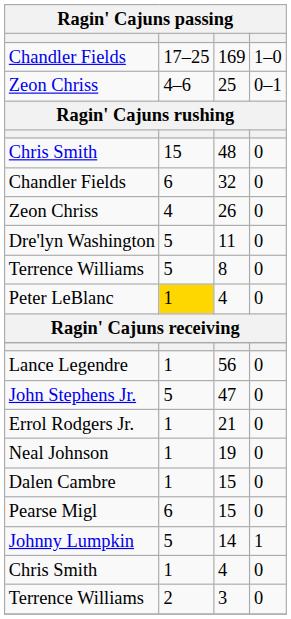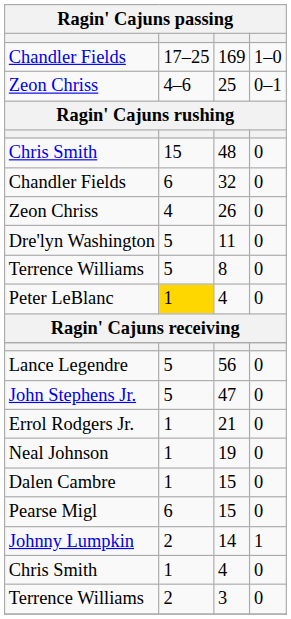 <table class="wikitable plainrowheaders">
 <tr>
 <th colspan="6">Ragin' Cajuns passing</th>
 </tr>
 <tr>
 <th scope="col"></th>
 <th scope="col"></th>
 <th scope="col"></th>
 <th scope="col"></th>
 </tr>
 <tr>
 <td><a href='#'>Chandler Fields</a></td>
 <td>17–25</td>
 <td>169</td>
 <td>1–0</td>
 </tr>
 <tr>
 <td><a href='#'>Zeon Chriss</a></td>
 <td>4–6</td>
 <td>25</td>
 <td>0–1</td>
 </tr>
 <tr>
 <th colspan="6">Ragin' Cajuns rushing</th>
 </tr>
 <tr>
 <th scope="col"></th>
 <th scope="col"></th>
 <th scope="col"></th>
 <th scope="col"></th>
 </tr>
 <tr>
 <td><a href='#'>Chris Smith</a></td>
 <td>15</td>
 <td>48</td>
 <td>0</td>
 </tr>
 <tr>
 <td>Chandler Fields</td>
 <td>6</td>
 <td>32</td>
 <td>0</td>
 </tr>
 <tr>
 <td>Zeon Chriss</td>
 <td>4</td>
 <td>26</td>
 <td>0</td>
 </tr>
 <tr>
 <td>Dre'lyn Washington</td>
 <td>5</td>
 <td>11</td>
 <td>0</td>
 </tr>
 <tr>
 <td>Terrence Williams</td>
 <td>5</td>
 <td>8</td>
 <td>0</td>
 </tr>
 <tr>
 <td>Peter LeBlanc</td>
 <td style="background: gold;">1</td>
 <td>4</td>
 <td>0</td>
 </tr>
 <tr>
 <th colspan="6">Ragin' Cajuns receiving</th>
 </tr>
 <tr>
 </tr>
 <tr>
 <th scope="col"></th>
 <th scope="col"></th>
 <th scope="col"></th>
 <th scope="col"></th>
 </tr>
 <tr>
 <td>Lance Legendre</td>
-<td>1</td>
+<td>5</td>
 <td>56</td>
 <td>0</td>
 </tr>
 <tr>
 <td><a href='#'>John Stephens Jr.</a></td>
 <td>5</td>
 <td>47</td>
 <td>0</td>
 </tr>
 <tr>
 <td>Errol Rodgers Jr.</td>
 <td>1</td>
 <td>21</td>
 <td>0</td>
 </tr>
 <tr>
 <td>Neal Johnson</td>
 <td>1</td>
 <td>19</td>
 <td>0</td>
 </tr>
 <tr>
 <td>Dalen Cambre</td>
 <td>1</td>
 <td>15</td>
 <td>0</td>
 </tr>
 <tr>
 <td>Pearse Migl</td>
 <td>6</td>
 <td>15</td>
 <td>0</td>
 </tr>
 <tr>
 <td><a href='#'>Johnny Lumpkin</a></td>
-<td>5</td>
+<td>2</td>
 <td>14</td>
 <td>1</td>
 </tr>
 <tr>
 <td>Chris Smith</td>
 <td>1</td>
 <td>4</td>
 <td>0</td>
 </tr>
 <tr>
 <td>Terrence Williams</td>
 <td>2</td>
 <td>3</td>
 <td>0</td>
 </tr>
 <tr>
 </tr>
 </table>
